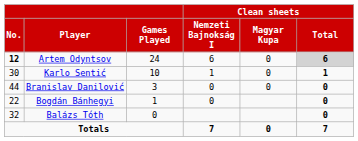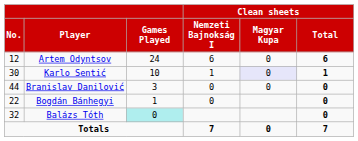 <table class="wikitable sortable alternance" style="text-align:center">
 <tr>
 <th colspan="3" style="background:#CD0001"></th>
 <th colspan="4" style="background:#CD0001;color:white">Clean sheets</th>
 </tr>
 <tr>
 <th style="background-color:#CD0001;color:white">No.</th>
 <th style="background-color:#CD0001;color:white">Player</th>
 <th width=80 style="background-color:#CD0001;color:white">Games Played</th>
 <th width=80 style="background-color:#CD0001;color:white">Nemzeti Bajnokság I</th>
 <th width=80 style="background-color:#CD0001;color:white">Magyar Kupa</th>
 <th width=80 style="background-color:#CD0001;color:white">Total</th>
 </tr>
 <tr>
-<td><strong>12</strong></td>
+<td>12</td>
 <td> <a href='#'>Artem Odyntsov</a></td>
 <td>24</td>
 <td>6</td>
 <td>0</td>
-<td style="background: lightgrey;"><strong>6</strong></td>
+<td><strong>6</strong></td>
 </tr>
 <tr>
 <td>30</td>
 <td> <a href='#'>Karlo Sentić</a></td>
 <td>10</td>
 <td>1</td>
-<td>0</td>
+<td style="background: lavender;">0</td>
 <td><strong>1</strong></td>
 </tr>
 <tr>
 <td>44</td>
 <td> <a href='#'>Branislav Danilović</a></td>
 <td>3</td>
 <td>0</td>
 <td>0</td>
 <td><strong>0</strong></td>
 </tr>
 <tr>
 <td>22</td>
 <td> <a href='#'>Bogdán Bánhegyi</a></td>
 <td>1</td>
 <td>0</td>
 <td></td>
 <td><strong>0</strong></td>
 </tr>
 <tr>
 <td>32</td>
 <td> <a href='#'>Balázs Tóth</a></td>
-<td>0</td>
+<td style="background: paleturquoise;">0</td>
 <td></td>
 <td></td>
 <td><strong>0</strong></td>
 </tr>
 <tr class="sortbottom">
 <td colspan="3"><strong>Totals</strong></td>
 <td><strong>7</strong></td>
 <td><strong>0</strong></td>
 <td><strong>7</strong></td>
 </tr>
 </table>
